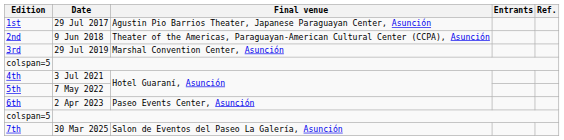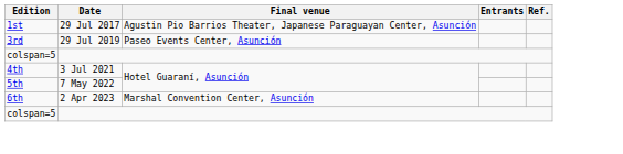 <table class="wikitable defaultcenter col3left col4left" style="font-size: 95%">
 <tr>
 <th>Edition</th>
 <th>Date</th>
 <th>Final venue</th>
 <th>Entrants</th>
 <th>Ref.</th>
 </tr>
 <tr>
 <td><a href='#'>1st</a></td>
 <td>29 Jul 2017</td>
 <td>Agustin Pio Barrios Theater, Japanese Paraguayan Center, <a href='#'>Asunción</a></td>
 <td></td>
 <td></td>
 </tr>
 <tr>
-<td><a href='#'>2nd</a></td>
-<td>9 Jun 2018</td>
-<td>Theater of the Americas, Paraguayan-American Cultural Center (CCPA), <a href='#'>Asunción</a></td>
-<td></td>
-<td></td>
-</tr>
-<tr>
 <td><a href='#'>3rd</a></td>
 <td>29 Jul 2019</td>
-<td>Marshal Convention Center, <a href='#'>Asunción</a></td>
+<td>Paseo Events Center, <a href='#'>Asunción</a></td>
 <td></td>
 <td></td>
 </tr>
 <tr>
 <td>colspan=5 </td>
 </tr>
 <tr>
 <td><a href='#'>4th</a></td>
 <td>3 Jul 2021</td>
 <td rowspan=2>Hotel Guaraní, <a href='#'>Asunción</a></td>
 <td></td>
 <td></td>
 </tr>
 <tr>
 <td><a href='#'>5th</a></td>
 <td>7 May 2022</td>
 <td></td>
 <td></td>
 </tr>
 <tr>
 <td><a href='#'>6th</a></td>
 <td>2 Apr 2023</td>
-<td>Paseo Events Center, <a href='#'>Asunción</a></td>
+<td>Marshal Convention Center, <a href='#'>Asunción</a></td>
 <td></td>
 <td></td>
 </tr>
 <tr>
 <td>colspan=5 </td>
 </tr>
-<tr>
-<td><a href='#'>7th</a></td>
-<td>30 Mar 2025</td>
-<td>Salon de Eventos del Paseo La Galería, <a href='#'>Asunción</a></td>
-<td></td>
-<td></td>
-</tr>
 </table>
